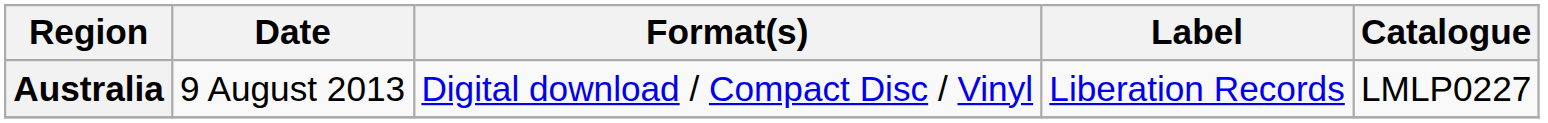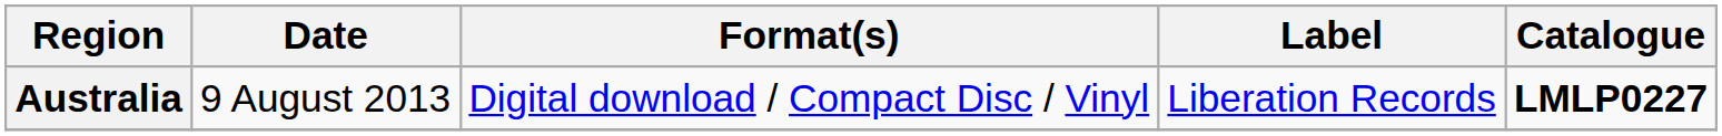 <table class="wikitable plainrowheaders">
 <tr>
 <th scope="col">Region</th>
 <th scope="col">Date</th>
 <th scope="col">Format(s)</th>
 <th scope="col">Label</th>
 <th scope="col">Catalogue</th>
 </tr>
 <tr>
 <th scope="row">Australia<br></th>
 <td>9 August 2013</td>
 <td><a href='#'>Digital download</a> / <a href='#'>Compact Disc</a> / <a href='#'>Vinyl</a></td>
 <td><a href='#'>Liberation Records</a></td>
-<td>LMLP0227</td>
+<td><strong>LMLP0227</strong></td>
 </tr>
 <tr>
 </tr>
 </table>
